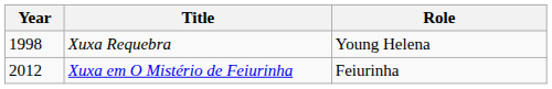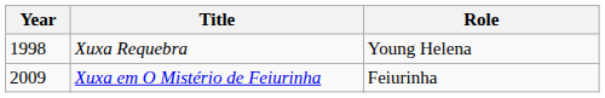 <table class = "wikitable sortable">
 <tr>
 <th width="50pxاز این">Year</th>
 <th width="250px">Title</th>
 <th width="200px">Role</th>
 </tr>
 <tr>
 <td>1998</td>
 <td><em>Xuxa Requebra</em></td>
 <td>Young Helena</td>
 </tr>
 <tr>
-<td>2012</td>
+<td>2009</td>
 <td><em><a href='#'>Xuxa em O Mistério de Feiurinha</a></em></td>
 <td>Feiurinha</td>
 </tr>
 </table>
